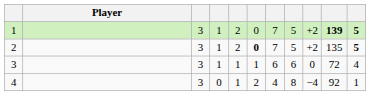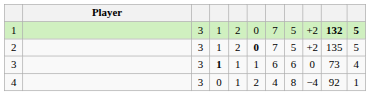 <table class="wikitable" style="text-align:center; margin: 1em auto 1em auto, align:left">
 <tr>
 <th width=20></th>
 <th width=240>Player</th>
 <th width=20></th>
 <th width=20></th>
 <th width=20></th>
 <th width=20></th>
 <th width=20></th>
 <th width=20></th>
 <th width=20></th>
 <th width=30></th>
 <th width=20></th>
 </tr>
 <tr style="background:#D0F0C0;">
 <td>1</td>
 <td align=left></td>
 <td>3</td>
 <td>1</td>
 <td>2</td>
 <td>0</td>
 <td>7</td>
 <td>5</td>
 <td>+2</td>
-<td><strong>139</strong></td>
+<td><strong>132</strong></td>
 <td><strong>5</strong></td>
 </tr>
 <tr style=>
 <td>2</td>
 <td align=left></td>
 <td>3</td>
 <td>1</td>
 <td>2</td>
 <td><strong>0</strong></td>
 <td>7</td>
 <td>5</td>
 <td>+2</td>
 <td>135</td>
-<td><strong>5</strong></td>
+<td>5</td>
 </tr>
 <tr style=>
 <td>3</td>
 <td align=left></td>
 <td>3</td>
-<td>1</td>
+<td><strong>1</strong></td>
 <td>1</td>
 <td>1</td>
 <td>6</td>
 <td>6</td>
 <td>0</td>
-<td>72</td>
+<td>73</td>
 <td>4</td>
 </tr>
 <tr style=>
 <td>4</td>
 <td align=left></td>
 <td>3</td>
 <td>0</td>
 <td>1</td>
 <td>2</td>
 <td>4</td>
 <td>8</td>
 <td>−4</td>
 <td>92</td>
 <td>1</td>
 </tr>
 </table>
